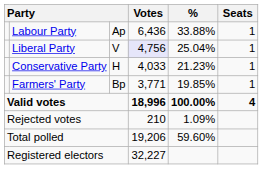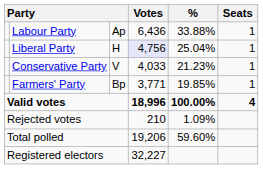 <table class="wikitable" border="1" style="text-align:right;">
 <tr>
 <th style="text-align:left;" colspan=3>Party</th>
 <th align=center width="50">Votes</th>
 <th align=center width="50">%</th>
 <th align=center width="50">Seats</th>
 </tr>
 <tr>
 <td style="color:inherit;background:"></td>
 <td align=left><a href='#'>Labour Party</a></td>
 <td align=left>Ap</td>
 <td>6,436</td>
 <td>33.88%</td>
 <td>1</td>
 </tr>
 <tr>
 <td style="color:inherit;background:"></td>
 <td align=left><a href='#'>Liberal Party</a></td>
-<td align=left>V</td>
+<td align=left>H</td>
 <td style="background: lavender;">4,756</td>
 <td>25.04%</td>
 <td>1</td>
 </tr>
 <tr>
 <td style="color:inherit;background:"></td>
 <td align=left><a href='#'>Conservative Party</a></td>
-<td align=left>H</td>
+<td align=left>V</td>
 <td>4,033</td>
 <td>21.23%</td>
 <td>1</td>
 </tr>
 <tr>
 <td style="color:inherit;background:"></td>
 <td align=left><a href='#'>Farmers' Party</a></td>
 <td align=left>Bp</td>
 <td>3,771</td>
 <td>19.85%</td>
 <td>1</td>
 </tr>
 <tr style="font-weight:bold">
 <td align=left colspan=3>Valid votes</td>
 <td>18,996</td>
 <td>100.00%</td>
 <td>4</td>
 </tr>
 <tr>
 <td align=left colspan=3>Rejected votes</td>
 <td>210</td>
 <td>1.09%</td>
 <td></td>
 </tr>
 <tr>
 <td align=left colspan=3>Total polled</td>
 <td>19,206</td>
 <td>59.60%</td>
 <td></td>
 </tr>
 <tr>
 <td align=left colspan=3>Registered electors</td>
 <td>32,227</td>
 <td></td>
 <td></td>
 </tr>
 </table>
